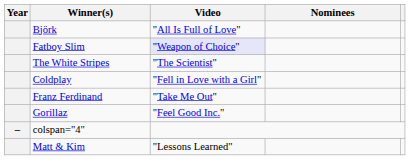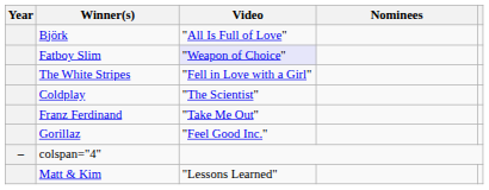 <table class="wikitable sortable">
 <tr>
 <th scope="col" style="width:25px;">Year</th>
 <th scope="col" style="width:250px;">Winner(s)</th>
 <th scope="col" style="width:250px;">Video</th>
 <th scope="col" style="width:300px;">Nominees</th>
 <th scope="col" class="unsortable"></th>
 </tr>
 <tr>
 <th scope="row"></th>
 <td><a href='#'>Björk</a></td>
 <td>"<a href='#'>All Is Full of Love</a>"</td>
 <td></td>
 <td align="center"></td>
 </tr>
 <tr>
 <th scope="row"></th>
 <td><a href='#'>Fatboy Slim</a></td>
 <td style="background: lavender;">"<a href='#'>Weapon of Choice</a>"</td>
 <td></td>
 <td align="center"></td>
 </tr>
 <tr>
 <th scope="row"></th>
 <td><a href='#'>The White Stripes</a></td>
-<td>"<a href='#'>The Scientist</a>"</td>
+<td>"<a href='#'>Fell in Love with a Girl</a>"</td>
 <td></td>
 <td align="center"></td>
 </tr>
 <tr>
 <th scope="row"></th>
 <td><a href='#'>Coldplay</a></td>
-<td>"<a href='#'>Fell in Love with a Girl</a>"</td>
+<td>"<a href='#'>The Scientist</a>"</td>
 <td></td>
 <td align="center"></td>
 </tr>
 <tr>
 <th scope="row"></th>
 <td><a href='#'>Franz Ferdinand</a></td>
 <td>"<a href='#'>Take Me Out</a>"</td>
 <td></td>
 <td align="center"></td>
 </tr>
 <tr>
 <th scope="row"></th>
 <td><a href='#'>Gorillaz</a></td>
 <td>"<a href='#'>Feel Good Inc.</a>"</td>
 <td></td>
 <td align="center"></td>
 </tr>
 <tr>
 <th scope="row"> – </th>
 <td>colspan="4" </td>
 </tr>
 <tr>
 <th scope="row"></th>
 <td><a href='#'>Matt & Kim</a></td>
 <td>"Lessons Learned"</td>
 <td></td>
 <td align="center"></td>
 </tr>
 </table>
